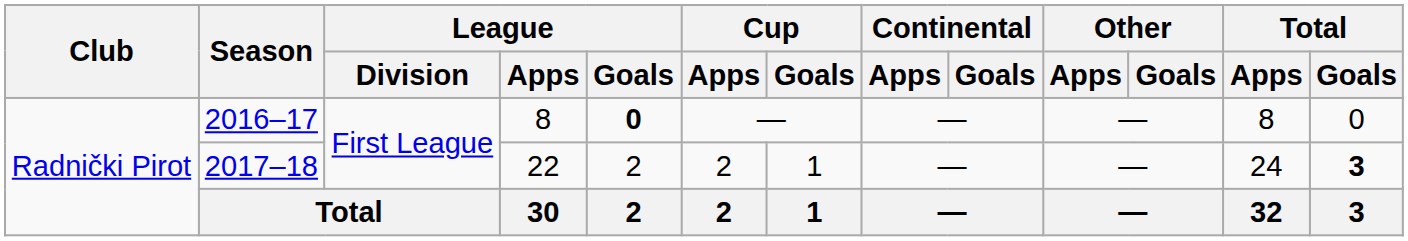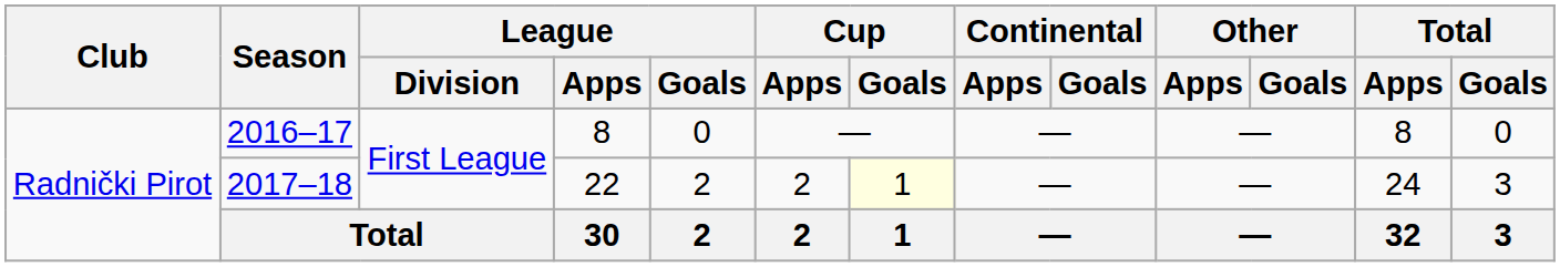 <table class="wikitable" style="text-align: center;font-size:90%">
 <tr>
 <th rowspan="2">Club</th>
 <th rowspan="2">Season</th>
 <th colspan="3">League</th>
 <th colspan="2">Cup</th>
 <th colspan="2">Continental</th>
 <th colspan="2">Other</th>
 <th colspan="2">Total</th>
 </tr>
 <tr>
 <th>Division</th>
 <th>Apps</th>
 <th>Goals</th>
 <th>Apps</th>
 <th>Goals</th>
 <th>Apps</th>
 <th>Goals</th>
 <th>Apps</th>
 <th>Goals</th>
 <th>Apps</th>
 <th>Goals</th>
 </tr>
 <tr>
 <td rowspan="3" valign="center"><a href='#'>Radnički Pirot</a></td>
 <td><a href='#'>2016–17</a></td>
 <td rowspan=2><a href='#'>First League</a></td>
 <td>8</td>
-<td><strong>0</strong></td>
+<td>0</td>
 <td colspan="2">—</td>
 <td colspan="2">—</td>
 <td colspan="2">—</td>
 <td>8</td>
 <td>0</td>
 </tr>
 <tr>
 <td><a href='#'>2017–18</a></td>
 <td>22</td>
 <td>2</td>
 <td>2</td>
-<td>1</td>
+<td style="background: lightyellow;">1</td>
 <td colspan="2">—</td>
 <td colspan="2">—</td>
 <td>24</td>
-<td><strong>3</strong></td>
+<td>3</td>
 </tr>
 <tr>
 <th colspan="2">Total</th>
 <th>30</th>
 <th>2</th>
 <th>2</th>
 <th>1</th>
 <th colspan="2">—</th>
 <th colspan="2">—</th>
 <th>32</th>
 <th>3</th>
 </tr>
 </table>
